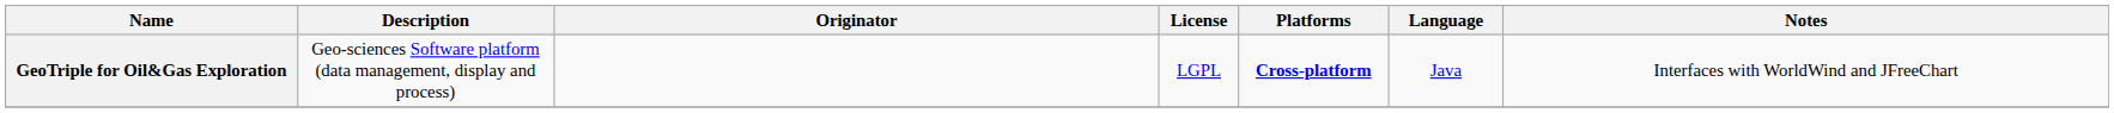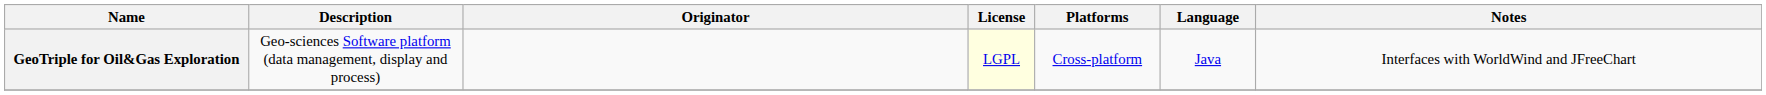 <table class="wikitable sortable" style="width: 100%; table-layout: fixed; font-size: smaller; text-align: center;">
 <tr style="background: #ececec">
 <th style="width:16em">Name</th>
 <th style="width:14em">Description</th>
 <th>Originator</th>
 <th style="width:4em">License</th>
 <th style="width:8em">Platforms</th>
 <th style="width:6em">Language</th>
 <th>Notes</th>
 </tr>
 <tr>
 <th>GeoTriple for Oil&Gas Exploration<br></th>
 <td>Geo-sciences <a href='#'>Software platform</a> (data management, display and process)</td>
 <td></td>
-<td><a href='#'>LGPL</a></td>
-<td><strong><a href='#'>Cross-platform</a></strong></td>
+<td style="background: lightyellow;"><a href='#'>LGPL</a></td>
+<td><a href='#'>Cross-platform</a></td>
 <td><a href='#'>Java</a></td>
 <td>Interfaces with WorldWind and JFreeChart</td>
 </tr>
 <tr>
 </tr>
 </table>
